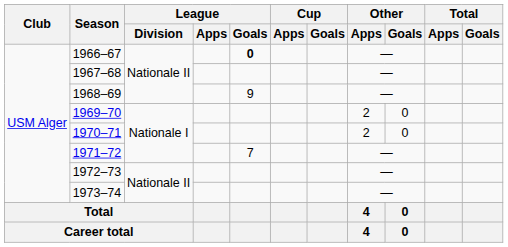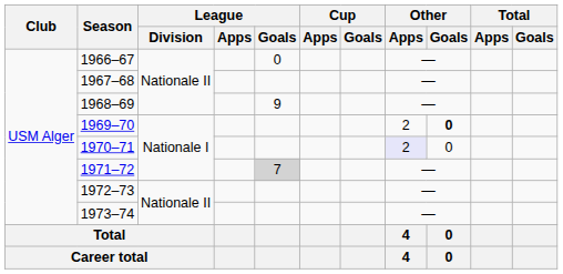 <table class="wikitable" style="text-align:center">
 <tr>
 <th rowspan="2">Club</th>
 <th rowspan="2">Season</th>
 <th colspan="3">League</th>
 <th colspan="2">Cup</th>
 <th colspan="2">Other</th>
 <th colspan="2">Total</th>
 </tr>
 <tr>
 <th>Division</th>
 <th>Apps</th>
 <th>Goals</th>
 <th>Apps</th>
 <th>Goals</th>
 <th>Apps</th>
 <th>Goals</th>
 <th>Apps</th>
 <th>Goals</th>
 </tr>
 <tr>
 <td rowspan="8"><a href='#'>USM Alger</a></td>
 <td>1966–67</td>
 <td rowspan="3">Nationale II</td>
 <td></td>
-<td><strong>0</strong></td>
+<td>0</td>
 <td></td>
 <td></td>
 <td colspan=2>—</td>
 <td></td>
 <td></td>
 </tr>
 <tr>
 <td>1967–68</td>
 <td></td>
 <td></td>
 <td></td>
 <td></td>
 <td colspan=2>—</td>
 <td></td>
 <td></td>
 </tr>
 <tr>
 <td>1968–69</td>
 <td></td>
 <td>9</td>
 <td></td>
 <td></td>
 <td colspan=2>—</td>
 <td></td>
 <td></td>
 </tr>
 <tr>
 <td><a href='#'>1969–70</a></td>
 <td rowspan="3">Nationale I</td>
 <td></td>
 <td></td>
 <td></td>
 <td></td>
 <td>2</td>
-<td>0</td>
+<td><strong>0</strong></td>
 <td></td>
 <td></td>
 </tr>
 <tr>
 <td><a href='#'>1970–71</a></td>
 <td></td>
 <td></td>
 <td></td>
 <td></td>
-<td>2</td>
+<td style="background: lavender;">2</td>
 <td>0</td>
 <td></td>
 <td></td>
 </tr>
 <tr>
 <td><a href='#'>1971–72</a></td>
 <td></td>
-<td>7</td>
+<td style="background: lightgrey;">7</td>
 <td></td>
 <td></td>
 <td colspan=2>—</td>
 <td></td>
 <td></td>
 </tr>
 <tr>
 <td>1972–73</td>
 <td rowspan=2>Nationale II</td>
 <td></td>
 <td></td>
 <td></td>
 <td></td>
 <td colspan=2>—</td>
 <td></td>
 <td></td>
 </tr>
 <tr>
 <td>1973–74</td>
 <td></td>
 <td></td>
 <td></td>
 <td></td>
 <td colspan=2>—</td>
 <td></td>
 <td></td>
 </tr>
 <tr>
 <th colspan="3">Total</th>
 <th></th>
 <th></th>
 <th></th>
 <th></th>
 <th>4</th>
 <th>0</th>
 <th></th>
 <th></th>
 </tr>
 <tr>
 <th colspan="3">Career total</th>
 <th></th>
 <th></th>
 <th></th>
 <th></th>
 <th>4</th>
 <th>0</th>
 <th></th>
 <th></th>
 </tr>
 </table>
